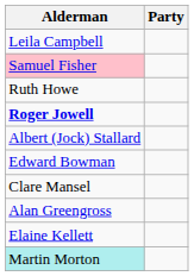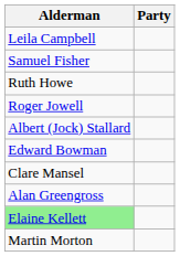 <table class="wikitable">
 <tr>
 <th>Alderman</th>
 <th colspan="2">Party</th>
 </tr>
 <tr>
 <td><a href='#'>Leila Campbell</a></td>
 <td></td>
 </tr>
 <tr>
-<td style="background: pink;"><a href='#'>Samuel Fisher</a></td>
+<td><a href='#'>Samuel Fisher</a></td>
 <td></td>
 </tr>
 <tr>
 <td>Ruth Howe</td>
 <td></td>
 </tr>
 <tr>
-<td><strong><a href='#'>Roger Jowell</a></strong></td>
+<td><a href='#'>Roger Jowell</a></td>
 <td></td>
 </tr>
 <tr>
 <td><a href='#'>Albert (Jock) Stallard</a></td>
 <td></td>
 </tr>
 <tr>
 <td><a href='#'>Edward Bowman</a></td>
 <td></td>
 </tr>
 <tr>
 <td>Clare Mansel</td>
 <td></td>
 </tr>
 <tr>
 <td><a href='#'>Alan Greengross</a></td>
 <td></td>
 </tr>
 <tr>
-<td><a href='#'>Elaine Kellett</a></td>
+<td style="background: lightgreen;"><a href='#'>Elaine Kellett</a></td>
 <td></td>
 </tr>
 <tr>
-<td style="background: paleturquoise;">Martin Morton</td>
+<td>Martin Morton</td>
 <td></td>
 </tr>
 </table>
